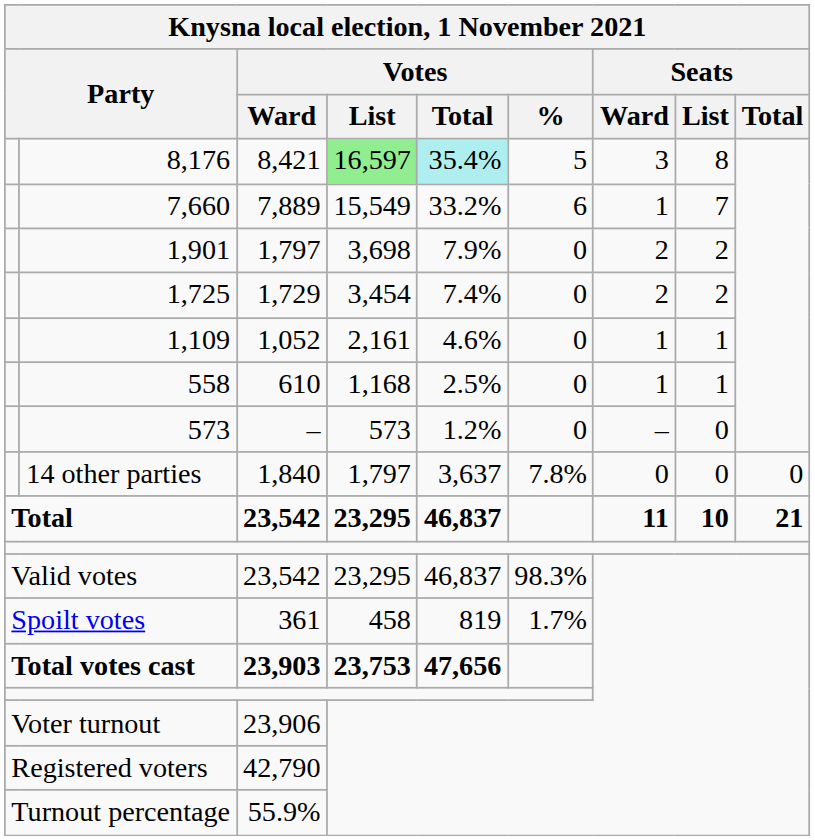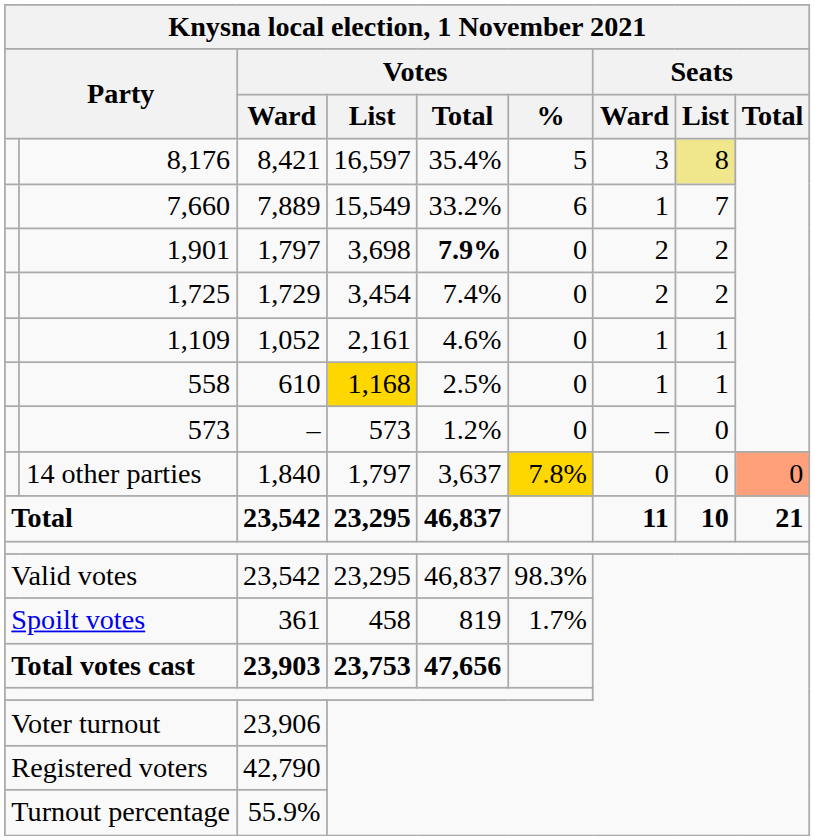 <table class=wikitable style="text-align:right">
 <tr>
 <th colspan="9" align="center">Knysna local election, 1 November 2021</th>
 </tr>
 <tr>
 <th rowspan="2" colspan="2">Party</th>
 <th colspan="4" align="center">Votes</th>
 <th colspan="3" align="center">Seats</th>
 </tr>
 <tr>
 <th>Ward</th>
 <th>List</th>
 <th>Total</th>
 <th>%</th>
 <th>Ward</th>
 <th>List</th>
 <th>Total</th>
 </tr>
 <tr>
 <td></td>
 <td>8,176</td>
 <td>8,421</td>
-<td style="background: lightgreen;">16,597</td>
-<td style="background: paleturquoise;">35.4%</td>
+<td>16,597</td>
+<td>35.4%</td>
 <td>5</td>
 <td>3</td>
-<td>8</td>
+<td style="background: khaki;">8</td>
 </tr>
 <tr>
 <td></td>
 <td>7,660</td>
 <td>7,889</td>
 <td>15,549</td>
 <td>33.2%</td>
 <td>6</td>
 <td>1</td>
 <td>7</td>
 </tr>
 <tr>
 <td></td>
 <td>1,901</td>
 <td>1,797</td>
 <td>3,698</td>
-<td>7.9%</td>
+<td><strong>7.9%</strong></td>
 <td>0</td>
 <td>2</td>
 <td>2</td>
 </tr>
 <tr>
 <td></td>
 <td>1,725</td>
 <td>1,729</td>
 <td>3,454</td>
 <td>7.4%</td>
 <td>0</td>
 <td>2</td>
 <td>2</td>
 </tr>
 <tr>
 <td></td>
 <td>1,109</td>
 <td>1,052</td>
 <td>2,161</td>
 <td>4.6%</td>
 <td>0</td>
 <td>1</td>
 <td>1</td>
 </tr>
 <tr>
 <td></td>
 <td>558</td>
 <td>610</td>
-<td>1,168</td>
+<td style="background: gold;">1,168</td>
 <td>2.5%</td>
 <td>0</td>
 <td>1</td>
 <td>1</td>
 </tr>
 <tr>
 <td></td>
 <td>573</td>
 <td>–</td>
 <td>573</td>
 <td>1.2%</td>
 <td>0</td>
 <td>–</td>
 <td>0</td>
 </tr>
 <tr>
 <td></td>
 <td style="text-align:left">14 other parties</td>
 <td>1,840</td>
 <td>1,797</td>
 <td>3,637</td>
-<td>7.8%</td>
+<td style="background: gold;">7.8%</td>
 <td>0</td>
 <td>0</td>
-<td>0</td>
+<td style="background: lightsalmon;">0</td>
 </tr>
 <tr>
 <td colspan="2" style="text-align:left"><strong>Total</strong></td>
 <td><strong>23,542</strong></td>
 <td><strong>23,295</strong></td>
 <td><strong>46,837</strong></td>
 <td></td>
 <td><strong>11</strong></td>
 <td><strong>10</strong></td>
 <td><strong>21</strong></td>
 </tr>
 <tr>
 <td colspan="9"></td>
 </tr>
 <tr>
 <td colspan="2" style="text-align:left">Valid votes</td>
 <td>23,542</td>
 <td>23,295</td>
 <td>46,837</td>
 <td>98.3%</td>
 </tr>
 <tr>
 <td colspan="2" style="text-align:left"><a href='#'>Spoilt votes</a></td>
 <td>361</td>
 <td>458</td>
 <td>819</td>
 <td>1.7%</td>
 </tr>
 <tr>
 <td colspan="2" style="text-align:left"><strong>Total votes cast</strong></td>
 <td><strong>23,903</strong></td>
 <td><strong>23,753</strong></td>
 <td><strong>47,656</strong></td>
 <td></td>
 </tr>
 <tr>
 <td colspan="6"></td>
 </tr>
 <tr>
 <td colspan="2" style="text-align:left">Voter turnout</td>
 <td>23,906</td>
 </tr>
 <tr>
 <td colspan="2" style="text-align:left">Registered voters</td>
 <td>42,790</td>
 </tr>
 <tr>
 <td colspan="2" style="text-align:left">Turnout percentage</td>
 <td>55.9%</td>
 </tr>
 </table>
